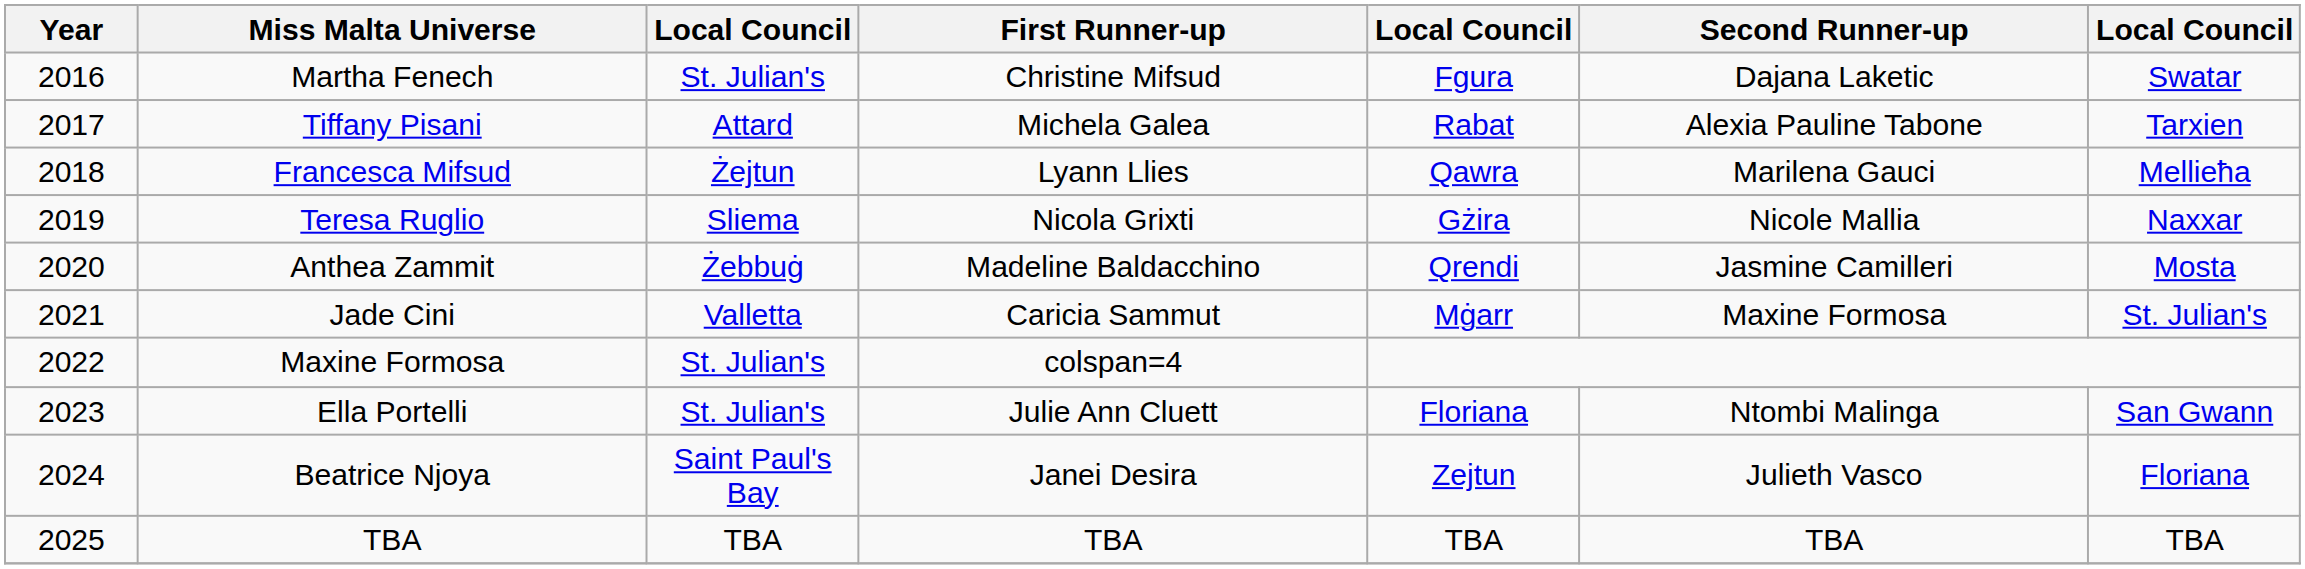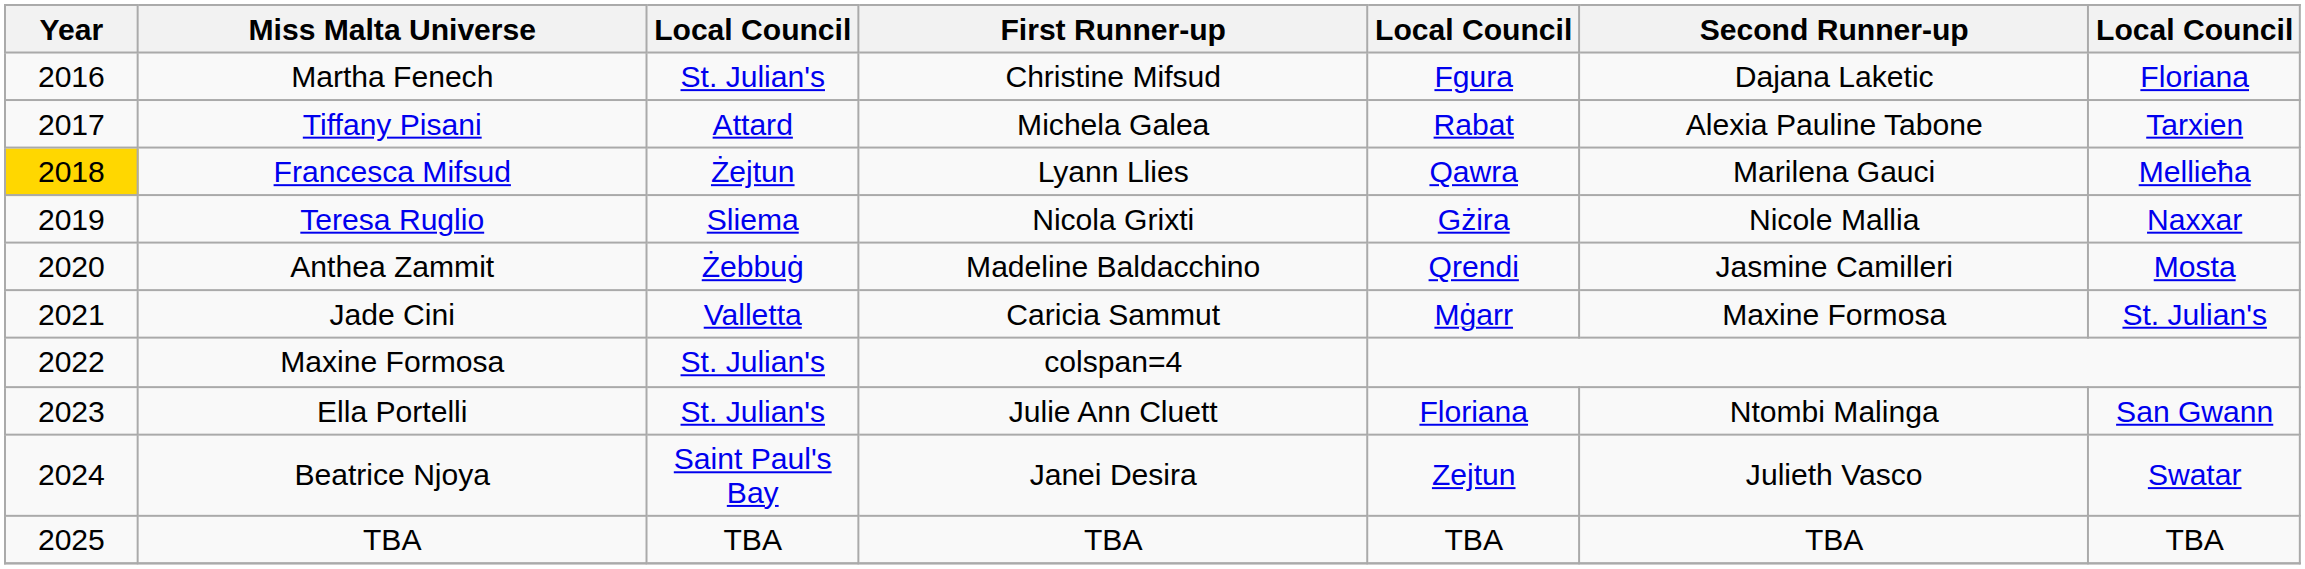 <table class="wikitable sortable" style="font-size: 95%; text-align:center">
 <tr>
 <th width="60">Year</th>
 <th width="250">Miss Malta Universe</th>
 <th width="100">Local Council</th>
 <th width="250">First Runner-up</th>
 <th width="100">Local Council</th>
 <th width="250">Second Runner-up</th>
 <th width="100">Local Council</th>
 </tr>
 <tr>
 <td>2016</td>
 <td>Martha Fenech</td>
 <td><a href='#'>St. Julian's</a></td>
 <td>Christine Mifsud</td>
 <td><a href='#'>Fgura</a></td>
 <td>Dajana Laketic</td>
-<td><a href='#'>Swatar</a></td>
+<td><a href='#'>Floriana</a></td>
 </tr>
 <tr>
 <td>2017</td>
 <td><a href='#'>Tiffany Pisani</a></td>
 <td><a href='#'>Attard</a></td>
 <td>Michela Galea</td>
 <td><a href='#'>Rabat</a></td>
 <td>Alexia Pauline Tabone</td>
 <td><a href='#'>Tarxien</a></td>
 </tr>
 <tr>
-<td>2018</td>
+<td style="background: gold;">2018</td>
 <td><a href='#'>Francesca Mifsud</a></td>
 <td><a href='#'>Żejtun</a></td>
 <td>Lyann Llies</td>
 <td><a href='#'>Qawra</a></td>
 <td>Marilena Gauci</td>
 <td><a href='#'>Mellieħa</a></td>
 </tr>
 <tr>
 <td>2019</td>
 <td><a href='#'>Teresa Ruglio</a></td>
 <td><a href='#'>Sliema</a></td>
 <td>Nicola Grixti</td>
 <td><a href='#'>Gżira</a></td>
 <td>Nicole Mallia</td>
 <td><a href='#'>Naxxar</a></td>
 </tr>
 <tr>
 <td>2020</td>
 <td>Anthea Zammit</td>
 <td><a href='#'>Żebbuġ</a></td>
 <td>Madeline Baldacchino</td>
 <td><a href='#'>Qrendi</a></td>
 <td>Jasmine Camilleri</td>
 <td><a href='#'>Mosta</a></td>
 </tr>
 <tr>
 <td>2021</td>
 <td>Jade Cini</td>
 <td><a href='#'>Valletta</a></td>
 <td>Caricia Sammut</td>
 <td><a href='#'>Mġarr</a></td>
 <td>Maxine Formosa</td>
 <td><a href='#'>St. Julian's</a></td>
 </tr>
 <tr>
 <td>2022</td>
 <td>Maxine Formosa</td>
 <td><a href='#'>St. Julian's</a></td>
 <td>colspan=4 </td>
 </tr>
 <tr>
 <td>2023</td>
 <td>Ella Portelli</td>
 <td><a href='#'>St. Julian's</a></td>
 <td>Julie Ann Cluett</td>
 <td><a href='#'>Floriana</a></td>
 <td>Ntombi Malinga</td>
 <td><a href='#'>San Gwann</a></td>
 </tr>
 <tr>
 <td>2024</td>
 <td>Beatrice Njoya</td>
 <td><a href='#'>Saint Paul's Bay</a></td>
 <td>Janei Desira</td>
 <td><a href='#'>Zejtun</a></td>
 <td>Julieth Vasco</td>
-<td><a href='#'>Floriana</a></td>
+<td><a href='#'>Swatar</a></td>
 </tr>
 <tr>
 <td>2025</td>
 <td>TBA</td>
 <td>TBA</td>
 <td>TBA</td>
 <td>TBA</td>
 <td>TBA</td>
 <td>TBA</td>
 </tr>
 <tr>
 </tr>
 </table>
